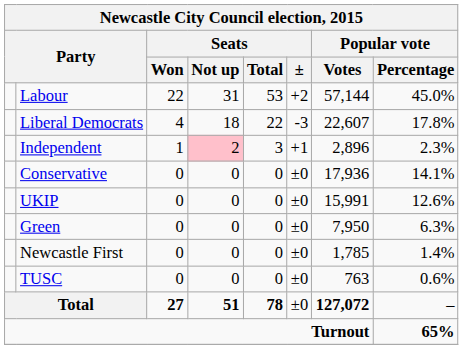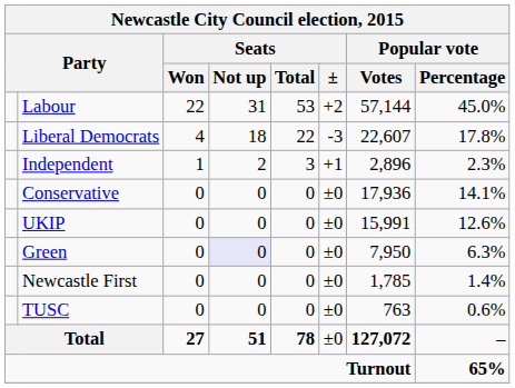 <table class="wikitable">
 <tr>
 <th colspan="8"><strong>Newcastle City Council election, 2015</strong></th>
 </tr>
 <tr>
 <th rowspan="2" colspan="2">Party</th>
 <th colspan="4">Seats</th>
 <th colspan="2">Popular vote</th>
 </tr>
 <tr>
 <th>Won</th>
 <th>Not up</th>
 <th>Total</th>
 <th>±</th>
 <th>Votes</th>
 <th>Percentage</th>
 </tr>
 <tr>
 <td style="background-color: "> </td>
 <td><a href='#'>Labour</a></td>
 <td align=right>22</td>
 <td align=right>31</td>
 <td align=right>53</td>
 <td align=right>+2</td>
 <td align=right>57,144</td>
 <td align=right>45.0%</td>
 </tr>
 <tr>
 <td style="background-color: "> </td>
 <td><a href='#'>Liberal Democrats</a></td>
 <td align=right>4</td>
 <td align=right>18</td>
 <td align=right>22</td>
 <td align=right>-3</td>
 <td align=right>22,607</td>
 <td align=right>17.8%</td>
 </tr>
 <tr>
 <td style="background-color: "> </td>
 <td><a href='#'>Independent</a></td>
 <td align=right>1</td>
-<td align=right style="background: pink;">2</td>
+<td align=right>2</td>
 <td align=right>3</td>
 <td align=right>+1</td>
 <td align=right>2,896</td>
 <td align=right>2.3%</td>
 </tr>
 <tr>
 <td style="background-color: "> </td>
 <td><a href='#'>Conservative</a></td>
 <td align=right>0</td>
 <td align=right>0</td>
 <td align=right>0</td>
 <td align=right>±0</td>
 <td align=right>17,936</td>
 <td align=right>14.1%</td>
 </tr>
 <tr>
 <td style="background-color: "> </td>
 <td><a href='#'>UKIP</a></td>
 <td align=right>0</td>
 <td align=right>0</td>
 <td align=right>0</td>
 <td align=right>±0</td>
 <td align=right>15,991</td>
 <td align=right>12.6%</td>
 </tr>
 <tr>
 <td style="background-color: "> </td>
 <td><a href='#'>Green</a></td>
 <td align=right>0</td>
-<td align=right>0</td>
+<td align=right style="background: lavender;">0</td>
 <td align=right>0</td>
 <td align=right>±0</td>
 <td align=right>7,950</td>
 <td align=right>6.3%</td>
 </tr>
 <tr>
 <td style="background-color: "> </td>
 <td>Newcastle First</td>
 <td align=right>0</td>
 <td align=right>0</td>
 <td align=right>0</td>
 <td align=right>±0</td>
 <td align=right>1,785</td>
 <td align=right>1.4%</td>
 </tr>
 <tr>
 <td style="background-color: "> </td>
 <td><a href='#'>TUSC</a></td>
 <td align=right>0</td>
 <td align=right>0</td>
 <td align=right>0</td>
 <td align=right>±0</td>
 <td align=right>763</td>
 <td align=right>0.6%</td>
 </tr>
 <tr>
 <th colspan="2">Total</th>
 <td align=right><strong>27</strong></td>
 <td align=right><strong>51</strong></td>
 <td align=right><strong>78</strong></td>
 <td align=right>±0</td>
 <td align=right><strong>127,072</strong></td>
 <td align=right>–</td>
 </tr>
 <tr>
 <td colspan="7" align=right><strong>Turnout</strong></td>
 <td align=right><strong>65%</strong></td>
 </tr>
 <tr>
 </tr>
 </table>
